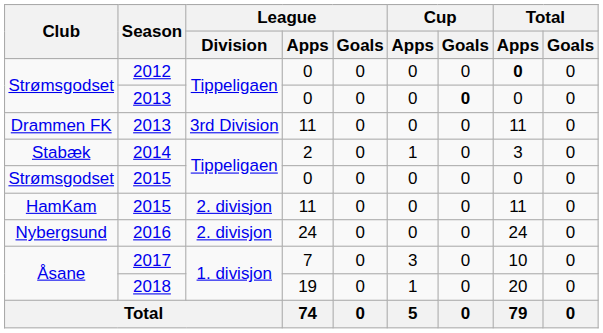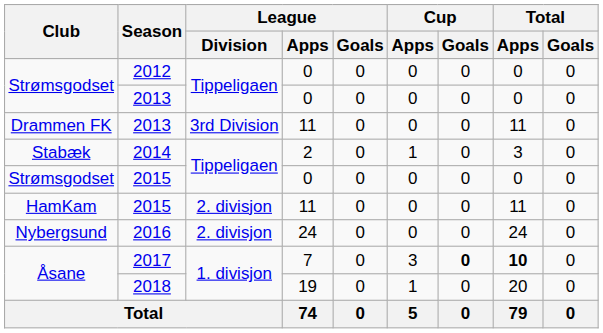 <table class="wikitable" style="text-align: center;">
 <tr>
 <th rowspan="2">Club</th>
 <th rowspan="2">Season</th>
 <th colspan="3">League</th>
 <th colspan="2">Cup</th>
 <th colspan="2">Total</th>
 </tr>
 <tr>
 <th>Division</th>
 <th>Apps</th>
 <th>Goals</th>
 <th>Apps</th>
 <th>Goals</th>
 <th>Apps</th>
 <th>Goals</th>
 </tr>
 <tr>
 <td rowspan="2" valign="center"><a href='#'>Strømsgodset</a></td>
 <td><a href='#'>2012</a></td>
 <td rowspan="2" valign="center"><a href='#'>Tippeligaen</a></td>
 <td>0</td>
 <td>0</td>
 <td>0</td>
 <td>0</td>
-<td><strong>0</strong></td>
+<td>0</td>
 <td>0</td>
 </tr>
 <tr>
 <td><a href='#'>2013</a></td>
 <td>0</td>
 <td>0</td>
 <td>0</td>
-<td><strong>0</strong></td>
+<td>0</td>
 <td>0</td>
 <td>0</td>
 </tr>
 <tr>
 <td><a href='#'>Drammen FK</a></td>
 <td><a href='#'>2013</a></td>
 <td><a href='#'>3rd Division</a></td>
 <td>11</td>
 <td>0</td>
 <td>0</td>
 <td>0</td>
 <td>11</td>
 <td>0</td>
 </tr>
 <tr>
 <td><a href='#'>Stabæk</a></td>
 <td><a href='#'>2014</a></td>
 <td rowspan="2" valign="center"><a href='#'>Tippeligaen</a></td>
 <td>2</td>
 <td>0</td>
 <td>1</td>
 <td>0</td>
 <td>3</td>
 <td>0</td>
 </tr>
 <tr>
 <td><a href='#'>Strømsgodset</a></td>
 <td><a href='#'>2015</a></td>
 <td>0</td>
 <td>0</td>
 <td>0</td>
 <td>0</td>
 <td>0</td>
 <td>0</td>
 </tr>
 <tr>
 <td><a href='#'>HamKam</a></td>
 <td><a href='#'>2015</a></td>
 <td><a href='#'>2. divisjon</a></td>
 <td>11</td>
 <td>0</td>
 <td>0</td>
 <td>0</td>
 <td>11</td>
 <td>0</td>
 </tr>
 <tr>
 <td><a href='#'>Nybergsund</a></td>
 <td><a href='#'>2016</a></td>
 <td><a href='#'>2. divisjon</a></td>
 <td>24</td>
 <td>0</td>
 <td>0</td>
 <td>0</td>
 <td>24</td>
 <td>0</td>
 </tr>
 <tr>
 <td rowspan="2" valign="center"><a href='#'>Åsane</a></td>
 <td><a href='#'>2017</a></td>
 <td rowspan="2" valign="center"><a href='#'>1. divisjon</a></td>
 <td>7</td>
 <td>0</td>
 <td>3</td>
-<td>0</td>
-<td>10</td>
+<td><strong>0</strong></td>
+<td><strong>10</strong></td>
 <td>0</td>
 </tr>
 <tr>
 <td><a href='#'>2018</a></td>
 <td>19</td>
 <td>0</td>
 <td>1</td>
 <td>0</td>
 <td>20</td>
 <td>0</td>
 </tr>
 <tr>
 <th colspan="3">Total</th>
 <th>74</th>
 <th>0</th>
 <th>5</th>
 <th>0</th>
 <th>79</th>
 <th>0</th>
 </tr>
 </table>
